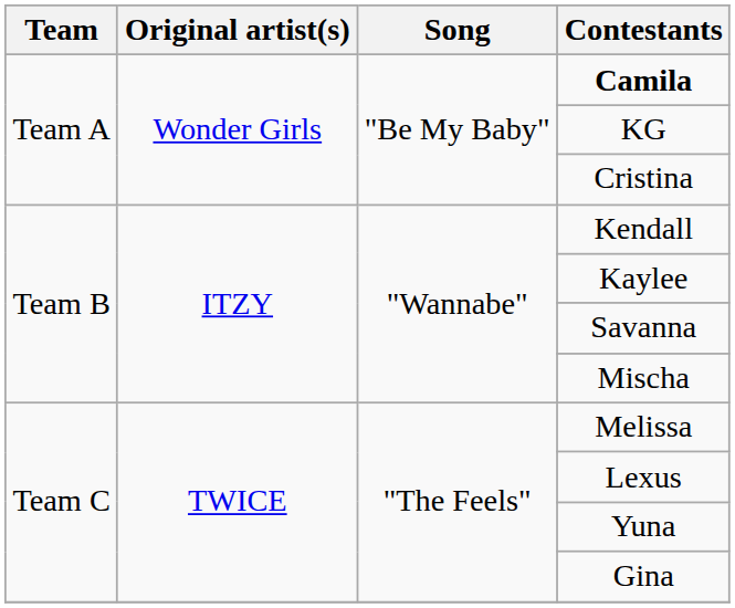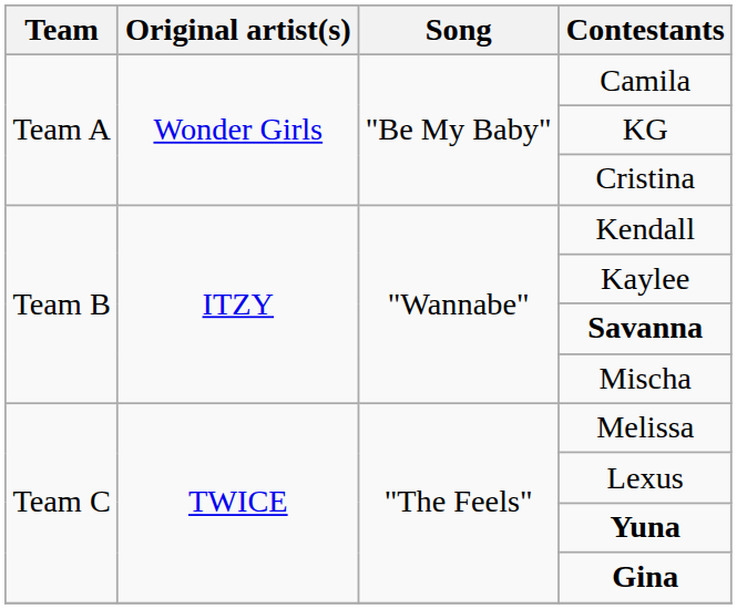 <table class="wikitable" style="text-align:center;">
 <tr>
 <th>Team</th>
 <th>Original artist(s)</th>
 <th>Song</th>
 <th>Contestants</th>
 </tr>
 <tr>
 <td rowspan="3">Team A</td>
 <td rowspan="3"><a href='#'>Wonder Girls</a></td>
 <td rowspan="3">"Be My Baby"</td>
-<td><strong>Camila</strong></td>
+<td>Camila</td>
 </tr>
 <tr>
 <td>KG</td>
 </tr>
 <tr>
 <td>Cristina</td>
 </tr>
 <tr>
 <td rowspan="4">Team B</td>
 <td rowspan="4"><a href='#'>ITZY</a></td>
 <td rowspan="4">"Wannabe"</td>
 <td>Kendall</td>
 </tr>
 <tr>
 <td>Kaylee</td>
 </tr>
 <tr>
-<td>Savanna</td>
+<td><strong>Savanna</strong></td>
 </tr>
 <tr>
 <td>Mischa</td>
 </tr>
 <tr>
 <td rowspan="4">Team C</td>
 <td rowspan="4"><a href='#'>TWICE</a></td>
 <td rowspan="4">"The Feels"</td>
 <td>Melissa</td>
 </tr>
 <tr>
 <td>Lexus</td>
 </tr>
 <tr>
-<td>Yuna</td>
+<td><strong>Yuna</strong></td>
 </tr>
 <tr>
-<td>Gina</td>
+<td><strong>Gina</strong></td>
 </tr>
 <tr>
 </tr>
 </table>
